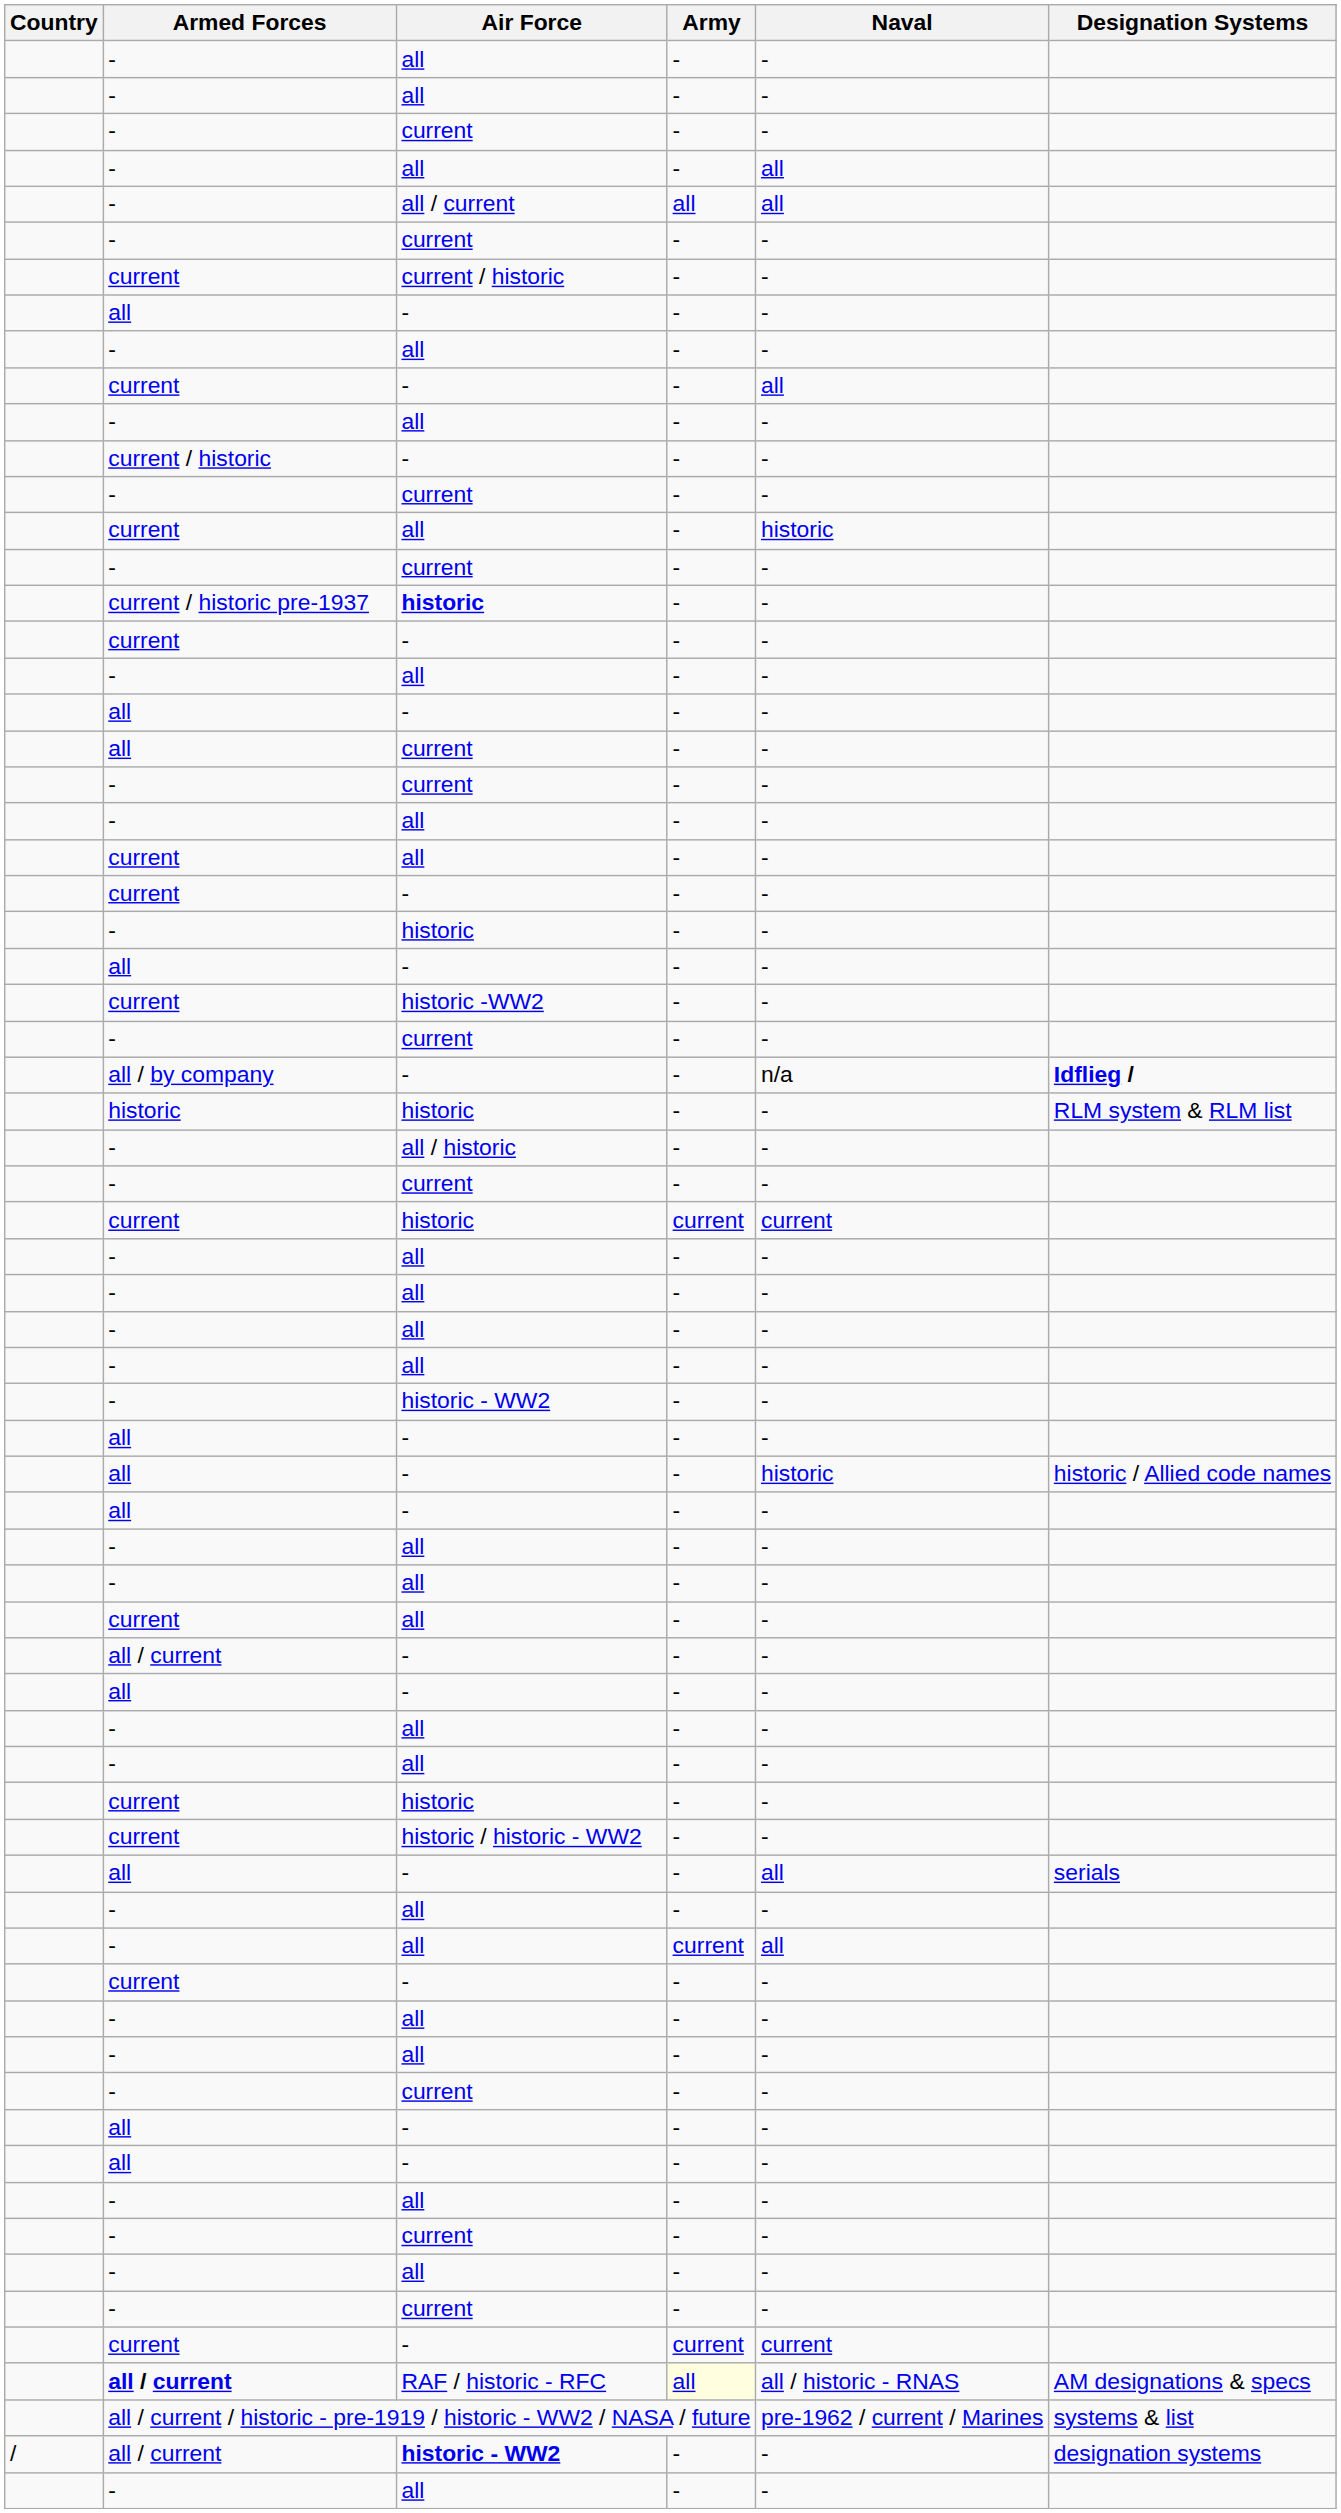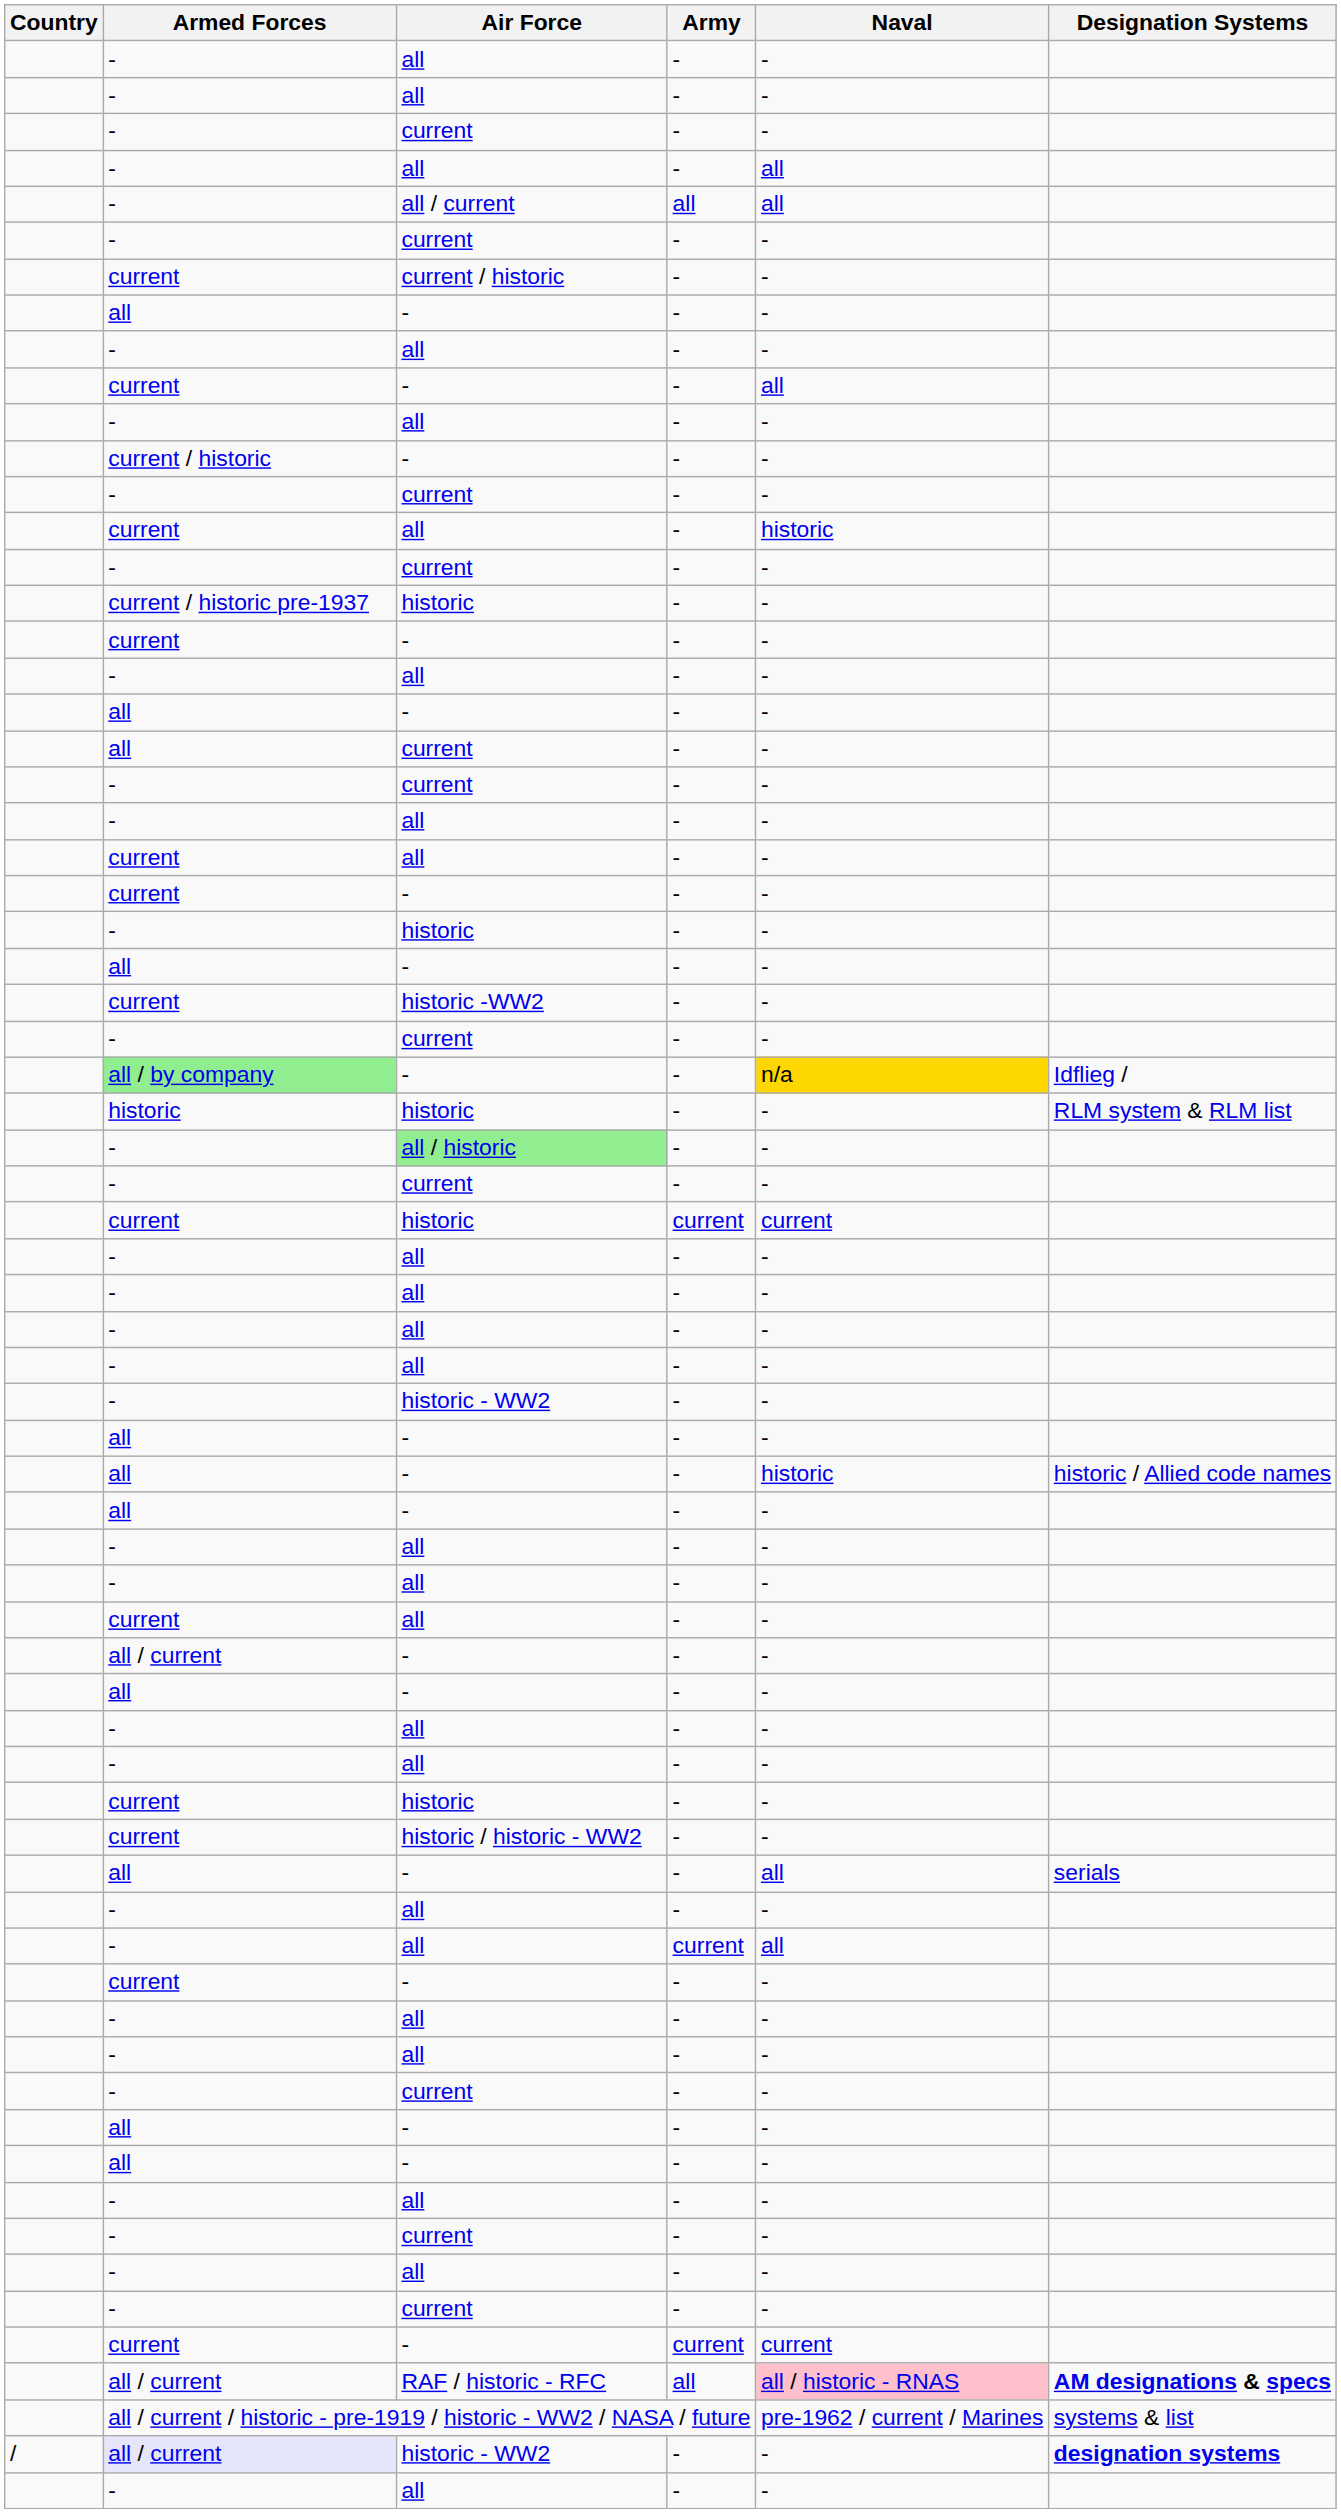 <table class="wikitable">
 <tr>
 <th>Country</th>
 <th>Armed Forces</th>
 <th>Air Force</th>
 <th>Army</th>
 <th>Naval</th>
 <th>Designation Systems</th>
 </tr>
 <tr>
 <td></td>
 <td>-</td>
 <td><a href='#'>all</a></td>
 <td>-</td>
 <td>-</td>
 <td></td>
 </tr>
 <tr>
 <td></td>
 <td>-</td>
 <td><a href='#'>all</a></td>
 <td>-</td>
 <td>-</td>
 <td></td>
 </tr>
 <tr>
 <td></td>
 <td>-</td>
 <td><a href='#'>current</a></td>
 <td>-</td>
 <td>-</td>
 <td></td>
 </tr>
 <tr>
 <td></td>
 <td>-</td>
 <td><a href='#'>all</a></td>
 <td>-</td>
 <td><a href='#'>all</a></td>
 <td></td>
 </tr>
 <tr>
 <td></td>
 <td>-</td>
 <td><a href='#'>all</a> / <a href='#'>current</a></td>
 <td><a href='#'>all</a></td>
 <td><a href='#'>all</a></td>
 <td></td>
 </tr>
 <tr>
 <td></td>
 <td>-</td>
 <td><a href='#'>current</a></td>
 <td>-</td>
 <td>-</td>
 <td></td>
 </tr>
 <tr>
 <td></td>
 <td><a href='#'>current</a></td>
 <td><a href='#'>current</a> / <a href='#'>historic</a></td>
 <td>-</td>
 <td>-</td>
 <td></td>
 </tr>
 <tr>
 <td></td>
 <td><a href='#'>all</a></td>
 <td>-</td>
 <td>-</td>
 <td>-</td>
 <td></td>
 </tr>
 <tr>
 <td></td>
 <td>-</td>
 <td><a href='#'>all</a></td>
 <td>-</td>
 <td>-</td>
 <td></td>
 </tr>
 <tr>
 <td></td>
 <td><a href='#'>current</a></td>
 <td>-</td>
 <td>-</td>
 <td><a href='#'>all</a></td>
 <td></td>
 </tr>
 <tr>
 <td></td>
 <td>-</td>
 <td><a href='#'>all</a></td>
 <td>-</td>
 <td>-</td>
 <td></td>
 </tr>
 <tr>
 <td></td>
 <td><a href='#'>current</a> / <a href='#'>historic</a></td>
 <td>-</td>
 <td>-</td>
 <td>-</td>
 <td></td>
 </tr>
 <tr>
 <td></td>
 <td>-</td>
 <td><a href='#'>current</a></td>
 <td>-</td>
 <td>-</td>
 <td></td>
 </tr>
 <tr>
 <td></td>
 <td><a href='#'>current</a></td>
 <td><a href='#'>all</a></td>
 <td>-</td>
 <td><a href='#'>historic</a></td>
 <td></td>
 </tr>
 <tr>
 <td></td>
 <td>-</td>
 <td><a href='#'>current</a></td>
 <td>-</td>
 <td>-</td>
 <td></td>
 </tr>
 <tr>
 <td></td>
 <td><a href='#'>current</a> / <a href='#'>historic pre-1937</a></td>
-<td><strong><a href='#'>historic</a></strong></td>
+<td><a href='#'>historic</a></td>
 <td>-</td>
 <td>-</td>
 <td></td>
 </tr>
 <tr>
 <td></td>
 <td><a href='#'>current</a></td>
 <td>-</td>
 <td>-</td>
 <td>-</td>
 <td></td>
 </tr>
 <tr>
 <td></td>
 <td>-</td>
 <td><a href='#'>all</a></td>
 <td>-</td>
 <td>-</td>
 <td></td>
 </tr>
 <tr>
 <td></td>
 <td><a href='#'>all</a></td>
 <td>-</td>
 <td>-</td>
 <td>-</td>
 <td></td>
 </tr>
 <tr>
 <td></td>
 <td><a href='#'>all</a></td>
 <td><a href='#'>current</a></td>
 <td>-</td>
 <td>-</td>
 <td></td>
 </tr>
 <tr>
 <td></td>
 <td>-</td>
 <td><a href='#'>current</a></td>
 <td>-</td>
 <td>-</td>
 <td></td>
 </tr>
 <tr>
 <td></td>
 <td>-</td>
 <td><a href='#'>all</a></td>
 <td>-</td>
 <td>-</td>
 <td></td>
 </tr>
 <tr>
 <td></td>
 <td><a href='#'>current</a></td>
 <td><a href='#'>all</a></td>
 <td>-</td>
 <td>-</td>
 <td></td>
 </tr>
 <tr>
 <td></td>
 <td><a href='#'>current</a></td>
 <td>-</td>
 <td>-</td>
 <td>-</td>
 <td></td>
 </tr>
 <tr>
 <td></td>
 <td>-</td>
 <td><a href='#'>historic</a></td>
 <td>-</td>
 <td>-</td>
 <td></td>
 </tr>
 <tr>
 <td></td>
 <td><a href='#'>all</a></td>
 <td>-</td>
 <td>-</td>
 <td>-</td>
 <td></td>
 </tr>
 <tr>
 <td></td>
 <td><a href='#'>current</a></td>
 <td><a href='#'>historic -WW2</a></td>
 <td>-</td>
 <td>-</td>
 <td></td>
 </tr>
 <tr>
 <td></td>
 <td>-</td>
 <td><a href='#'>current</a></td>
 <td>-</td>
 <td>-</td>
 <td></td>
 </tr>
 <tr>
 <td></td>
-<td><a href='#'>all</a> / <a href='#'>by company</a></td>
+<td style="background: lightgreen;"><a href='#'>all</a> / <a href='#'>by company</a></td>
 <td>-</td>
 <td>-</td>
-<td>n/a</td>
-<td><strong><a href='#'>Idflieg</a> /</strong></td>
+<td style="background: gold;">n/a</td>
+<td><a href='#'>Idflieg</a> /</td>
 </tr>
 <tr>
 <td></td>
 <td><a href='#'>historic</a></td>
 <td><a href='#'>historic</a></td>
 <td>-</td>
 <td>-</td>
 <td><a href='#'>RLM system</a> & <a href='#'>RLM list</a></td>
 </tr>
 <tr>
 <td></td>
 <td>-</td>
-<td><a href='#'>all</a> / <a href='#'>historic</a></td>
+<td style="background: lightgreen;"><a href='#'>all</a> / <a href='#'>historic</a></td>
 <td>-</td>
 <td>-</td>
 <td></td>
 </tr>
 <tr>
 <td></td>
 <td>-</td>
 <td><a href='#'>current</a></td>
 <td>-</td>
 <td>-</td>
 <td></td>
 </tr>
 <tr>
 <td></td>
 <td><a href='#'>current</a></td>
 <td><a href='#'>historic</a></td>
 <td><a href='#'>current</a></td>
 <td><a href='#'>current</a></td>
 <td></td>
 </tr>
 <tr>
 <td></td>
 <td>-</td>
 <td><a href='#'>all</a></td>
 <td>-</td>
 <td>-</td>
 <td></td>
 </tr>
 <tr>
 <td></td>
 <td>-</td>
 <td><a href='#'>all</a></td>
 <td>-</td>
 <td>-</td>
 <td></td>
 </tr>
 <tr>
 <td></td>
 <td>-</td>
 <td><a href='#'>all</a></td>
 <td>-</td>
 <td>-</td>
 <td></td>
 </tr>
 <tr>
 <td></td>
 <td>-</td>
 <td><a href='#'>all</a></td>
 <td>-</td>
 <td>-</td>
 <td></td>
 </tr>
 <tr>
 <td></td>
 <td>-</td>
 <td><a href='#'>historic - WW2</a></td>
 <td>-</td>
 <td>-</td>
 <td></td>
 </tr>
 <tr>
 <td></td>
 <td><a href='#'>all</a></td>
 <td>-</td>
 <td>-</td>
 <td>-</td>
 <td></td>
 </tr>
 <tr>
 <td></td>
 <td><a href='#'>all</a></td>
 <td>-</td>
 <td>-</td>
 <td><a href='#'>historic</a></td>
 <td><a href='#'>historic</a> / <a href='#'>Allied code names</a></td>
 </tr>
 <tr>
 <td></td>
 <td><a href='#'>all</a></td>
 <td>-</td>
 <td>-</td>
 <td>-</td>
 <td></td>
 </tr>
 <tr>
 <td></td>
 <td>-</td>
 <td><a href='#'>all</a></td>
 <td>-</td>
 <td>-</td>
 <td></td>
 </tr>
 <tr>
 <td></td>
 <td>-</td>
 <td><a href='#'>all</a></td>
 <td>-</td>
 <td>-</td>
 <td></td>
 </tr>
 <tr>
 <td></td>
 <td><a href='#'>current</a></td>
 <td><a href='#'>all</a></td>
 <td>-</td>
 <td>-</td>
 <td></td>
 </tr>
 <tr>
 <td></td>
 <td><a href='#'>all</a> / <a href='#'>current</a></td>
 <td>-</td>
 <td>-</td>
 <td>-</td>
 <td></td>
 </tr>
 <tr>
 <td></td>
 <td><a href='#'>all</a></td>
 <td>-</td>
 <td>-</td>
 <td>-</td>
 <td></td>
 </tr>
 <tr>
 <td></td>
 <td>-</td>
 <td><a href='#'>all</a></td>
 <td>-</td>
 <td>-</td>
 <td></td>
 </tr>
 <tr>
 <td></td>
 <td>-</td>
 <td><a href='#'>all</a></td>
 <td>-</td>
 <td>-</td>
 <td></td>
 </tr>
 <tr>
 <td></td>
 <td><a href='#'>current</a></td>
 <td><a href='#'>historic</a></td>
 <td>-</td>
 <td>-</td>
 <td></td>
 </tr>
 <tr>
 <td></td>
 <td><a href='#'>current</a></td>
 <td><a href='#'>historic</a> / <a href='#'>historic - WW2</a></td>
 <td>-</td>
 <td>-</td>
 <td></td>
 </tr>
 <tr>
 <td></td>
 <td><a href='#'>all</a></td>
 <td>-</td>
 <td>-</td>
 <td><a href='#'>all</a></td>
 <td><a href='#'>serials</a></td>
 </tr>
 <tr>
 <td></td>
 <td>-</td>
 <td><a href='#'>all</a></td>
 <td>-</td>
 <td>-</td>
 <td></td>
 </tr>
 <tr>
 <td></td>
 <td>-</td>
 <td><a href='#'>all</a></td>
 <td><a href='#'>current</a></td>
 <td><a href='#'>all</a></td>
 <td></td>
 </tr>
 <tr>
 <td></td>
 <td><a href='#'>current</a></td>
 <td>-</td>
 <td>-</td>
 <td>-</td>
 <td></td>
 </tr>
 <tr>
 <td></td>
 <td>-</td>
 <td><a href='#'>all</a></td>
 <td>-</td>
 <td>-</td>
 <td></td>
 </tr>
 <tr>
 <td></td>
 <td>-</td>
 <td><a href='#'>all</a></td>
 <td>-</td>
 <td>-</td>
 <td></td>
 </tr>
 <tr>
 <td></td>
 <td>-</td>
 <td><a href='#'>current</a></td>
 <td>-</td>
 <td>-</td>
 <td></td>
 </tr>
 <tr>
 <td></td>
 <td><a href='#'>all</a></td>
 <td>-</td>
 <td>-</td>
 <td>-</td>
 <td></td>
 </tr>
 <tr>
 <td></td>
 <td><a href='#'>all</a></td>
 <td>-</td>
 <td>-</td>
 <td>-</td>
 <td></td>
 </tr>
 <tr>
 <td></td>
 <td>-</td>
 <td><a href='#'>all</a></td>
 <td>-</td>
 <td>-</td>
 <td></td>
 </tr>
 <tr>
 <td></td>
 <td>-</td>
 <td><a href='#'>current</a></td>
 <td>-</td>
 <td>-</td>
 <td></td>
 </tr>
 <tr>
 <td></td>
 <td>-</td>
 <td><a href='#'>all</a></td>
 <td>-</td>
 <td>-</td>
 <td></td>
 </tr>
 <tr>
 <td></td>
 <td>-</td>
 <td><a href='#'>current</a></td>
 <td>-</td>
 <td>-</td>
 <td></td>
 </tr>
 <tr>
 <td></td>
 <td><a href='#'>current</a></td>
 <td>-</td>
 <td><a href='#'>current</a></td>
 <td><a href='#'>current</a></td>
 <td></td>
 </tr>
 <tr>
 <td></td>
-<td><strong><a href='#'>all</a> / <a href='#'>current</a></strong></td>
+<td><a href='#'>all</a> / <a href='#'>current</a></td>
 <td><a href='#'>RAF</a> / <a href='#'>historic - RFC</a></td>
-<td style="background: lightyellow;"><a href='#'>all</a></td>
-<td><a href='#'>all</a> / <a href='#'>historic - RNAS</a></td>
-<td><a href='#'>AM designations</a> & <a href='#'>specs</a></td>
+<td><a href='#'>all</a></td>
+<td style="background: pink;"><a href='#'>all</a> / <a href='#'>historic - RNAS</a></td>
+<td><strong><a href='#'>AM designations</a> & <a href='#'>specs</a></strong></td>
 </tr>
 <tr>
 <td></td>
 <td colspan=3><a href='#'>all</a> / <a href='#'>current</a> / <a href='#'>historic - pre-1919</a> / <a href='#'>historic - WW2</a> / <a href='#'>NASA</a> / <a href='#'>future</a></td>
 <td><a href='#'>pre-1962</a> / <a href='#'>current</a> / <a href='#'>Marines</a></td>
 <td><a href='#'>systems</a> & <a href='#'>list</a></td>
 </tr>
 <tr>
 <td>/</td>
-<td><a href='#'>all</a> / <a href='#'>current</a></td>
-<td><strong><a href='#'>historic - WW2</a></strong></td>
+<td style="background: lavender;"><a href='#'>all</a> / <a href='#'>current</a></td>
+<td><a href='#'>historic - WW2</a></td>
 <td>-</td>
 <td>-</td>
-<td><a href='#'>designation systems</a></td>
+<td><strong><a href='#'>designation systems</a></strong></td>
 </tr>
 <tr>
 <td></td>
 <td>-</td>
 <td><a href='#'>all</a></td>
 <td>-</td>
 <td>-</td>
 <td></td>
 </tr>
 </table>
